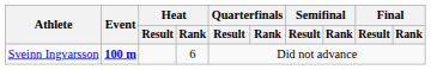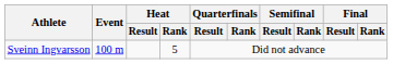 <table class="wikitable" style="font-size:90%">
 <tr>
 <th rowspan="2">Athlete</th>
 <th rowspan="2">Event</th>
 <th colspan="2">Heat</th>
 <th colspan="2">Quarterfinals</th>
 <th colspan="2">Semifinal</th>
 <th colspan="2">Final</th>
 </tr>
 <tr style="font-size:95%">
 <th>Result</th>
 <th>Rank</th>
 <th>Result</th>
 <th>Rank</th>
 <th>Result</th>
 <th>Rank</th>
 <th>Result</th>
 <th>Rank</th>
 </tr>
 <tr align=center>
 <td align=left><a href='#'>Sveinn Ingvarsson</a></td>
-<td align=left><strong><a href='#'>100 m</a></strong></td>
+<td align=left><a href='#'>100 m</a></td>
 <td></td>
-<td>6</td>
+<td>5</td>
 <td colspan=6>Did not advance</td>
 </tr>
 </table>
